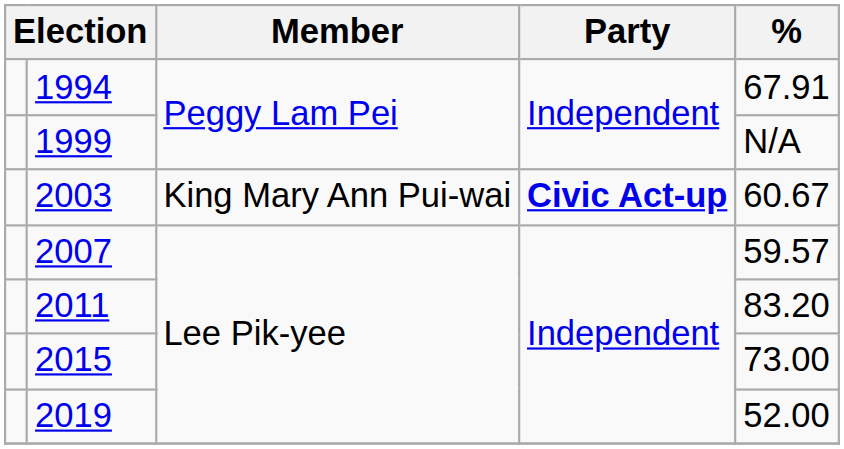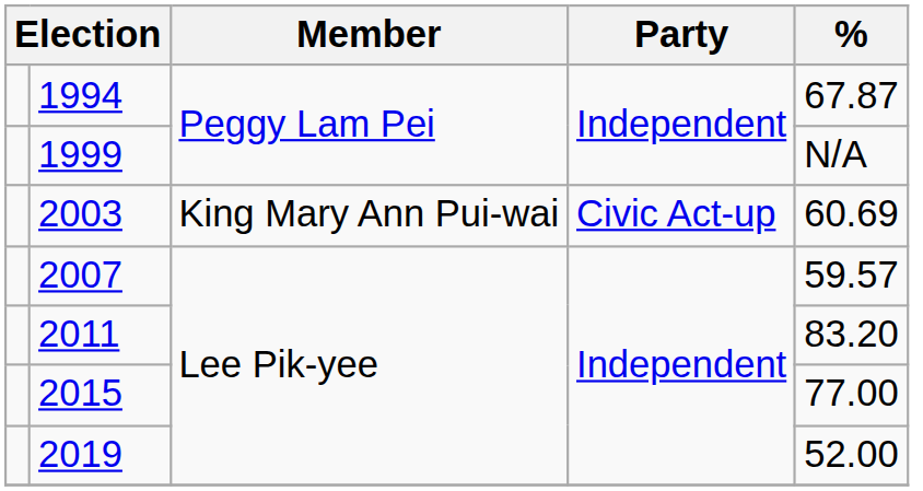 <table class="wikitable">
 <tr>
 <th colspan="2">Election</th>
 <th>Member</th>
 <th>Party</th>
 <th>%</th>
 </tr>
 <tr>
 <td style="background-color: "></td>
 <td><a href='#'>1994</a></td>
 <td rowspan=2><a href='#'>Peggy Lam Pei</a></td>
 <td rowspan=2><a href='#'>Independent</a></td>
-<td>67.91</td>
+<td>67.87</td>
 </tr>
 <tr>
 <td style="background-color: "></td>
 <td><a href='#'>1999</a></td>
 <td>N/A</td>
 </tr>
 <tr>
 <td style="background-color: "></td>
 <td><a href='#'>2003</a></td>
 <td>King Mary Ann Pui-wai</td>
-<td><strong><a href='#'>Civic Act-up</a></strong></td>
-<td>60.67</td>
+<td><a href='#'>Civic Act-up</a></td>
+<td>60.69</td>
 </tr>
 <tr>
 <td style="background-color: "></td>
 <td><a href='#'>2007</a></td>
 <td rowspan=4>Lee Pik-yee</td>
 <td rowspan=4><a href='#'>Independent</a></td>
 <td>59.57</td>
 </tr>
 <tr>
 <td style="background-color: "></td>
 <td><a href='#'>2011</a></td>
 <td>83.20</td>
 </tr>
 <tr>
 <td style="background-color: "></td>
 <td><a href='#'>2015</a></td>
-<td>73.00</td>
+<td>77.00</td>
 </tr>
 <tr>
 <td style="background-color: "></td>
 <td><a href='#'>2019</a></td>
 <td>52.00</td>
 </tr>
 <tr>
 </tr>
 </table>
